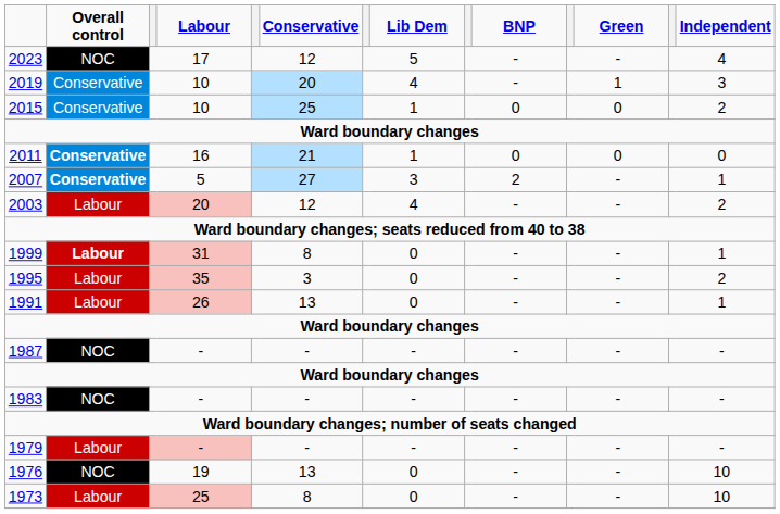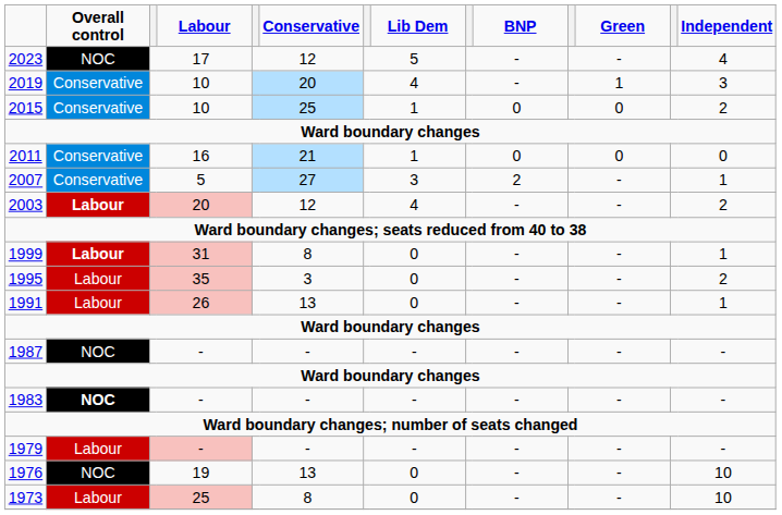 <table class="wikitable" style="text-align:center; font-size: 95%">
 <tr>
 <td width=32></td>
 <td width=95><strong>Overall control</strong></td>
 <th style="background-color: "></th>
 <td width=87 align="center"><strong><a href='#'>Labour</a></strong></td>
 <th style="background-color: "></th>
 <td width=87 align="center"><strong><a href='#'>Conservative</a></strong></td>
 <th style="background-color: "></th>
 <td width=87 align="center"><strong><a href='#'>Lib Dem</a></strong></td>
 <th style="background-color: "></th>
 <td width=87 align="center"><strong><a href='#'>BNP</a></strong></td>
 <th style="background-color: "></th>
 <td width=87 align="center"><strong><a href='#'>Green</a></strong></td>
 <th style="background-color: "></th>
 <td width=87 align="center"><strong><a href='#'>Independent</a></strong></td>
 </tr>
 <tr>
 <td><a href='#'>2023</a></td>
 <td style="background:#000000; color:white">NOC</td>
 <td colspan=2 align="center">17</td>
 <td colspan=2 align="center">12</td>
 <td colspan=2 align="center">5</td>
 <td colspan=2 align="center">-</td>
 <td colspan=2 align="center">-</td>
 <td colspan=2 align="center">4</td>
 </tr>
 <tr>
 <td><a href='#'>2019</a></td>
 <td style="background:#0087DC; color:white">Conservative</td>
 <td colspan=2 align="center">10</td>
 <td colspan=2 align="center" style="background:#B3E0FF">20</td>
 <td colspan=2 align="center">4</td>
 <td colspan=2 align="center">-</td>
 <td colspan=2 align="center">1</td>
 <td colspan=2 align="center">3</td>
 </tr>
 <tr>
 <td><a href='#'>2015</a></td>
 <td style="background:#0087DC; color:white">Conservative</td>
 <td colspan=2 align="center">10</td>
 <td colspan=2 align="center" style="background:#B3E0FF">25</td>
 <td colspan=2 align="center">1</td>
 <td colspan=2 align="center">0</td>
 <td colspan=2 align="center">0</td>
 <td colspan=2 align="center">2</td>
 </tr>
 <tr>
 <td colspan="14" align="center"><strong>Ward boundary changes</strong></td>
 </tr>
 <tr>
 <td><a href='#'>2011</a></td>
-<td style="background:#0087DC; color:white"><strong>Conservative</strong></td>
+<td style="background:#0087DC; color:white">Conservative</td>
 <td colspan=2 align="center">16</td>
 <td colspan=2 align="center" style="background:#B3E0FF">21</td>
 <td colspan=2 align="center">1</td>
 <td colspan=2 align="center">0</td>
 <td colspan=2 align="center">0</td>
 <td colspan=2 align="center">0</td>
 </tr>
 <tr>
 <td><a href='#'>2007</a></td>
-<td style="background:#0087DC; color:white"><strong>Conservative</strong></td>
+<td style="background:#0087DC; color:white">Conservative</td>
 <td colspan=2 align="center">5</td>
 <td colspan=2 align="center" style="background:#B3E0FF">27</td>
 <td colspan=2 align="center">3</td>
 <td colspan=2 align="center">2</td>
 <td colspan=2 align="center">-</td>
 <td colspan=2 align="center">1</td>
 </tr>
 <tr>
 <td><a href='#'>2003</a></td>
-<td style="background:#cc0000; color:white">Labour</td>
+<td style="background:#cc0000; color:white"><strong>Labour</strong></td>
 <td colspan=2 align="center" style="background:#F8C1BE">20</td>
 <td colspan=2 align="center">12</td>
 <td colspan=2 align="center">4</td>
 <td colspan=2 align="center">-</td>
 <td colspan=2 align="center">-</td>
 <td colspan=2 align="center">2</td>
 </tr>
 <tr>
 <td colspan="14" align="center"><strong>Ward boundary changes; seats reduced from 40 to 38</strong></td>
 </tr>
 <tr>
 <td><a href='#'>1999</a></td>
 <td style="background:#cc0000; color:white"><strong>Labour</strong></td>
 <td colspan=2 align="center" style="background:#F8C1BE">31</td>
 <td colspan=2 align="center">8</td>
 <td colspan=2 align="center">0</td>
 <td colspan=2 align="center">-</td>
 <td colspan=2 align="center">-</td>
 <td colspan=2 align="center">1</td>
 </tr>
 <tr>
 <td><a href='#'>1995</a></td>
 <td style="background:#cc0000; color:white">Labour</td>
 <td colspan=2 align="center" style="background:#F8C1BE">35</td>
 <td colspan=2 align="center">3</td>
 <td colspan=2 align="center">0</td>
 <td colspan=2 align="center">-</td>
 <td colspan=2 align="center">-</td>
 <td colspan=2 align="center">2</td>
 </tr>
 <tr>
 <td><a href='#'>1991</a></td>
 <td style="background:#cc0000; color:white">Labour</td>
 <td colspan=2 align="center" style="background:#F8C1BE">26</td>
 <td colspan=2 align="center">13</td>
 <td colspan=2 align="center">0</td>
 <td colspan=2 align="center">-</td>
 <td colspan=2 align="center">-</td>
 <td colspan=2 align="center">1</td>
 </tr>
 <tr>
 <td colspan="14" align="center"><strong>Ward boundary changes</strong></td>
 </tr>
 <tr>
 <td><a href='#'>1987</a></td>
 <td style="background:#000000; color:white">NOC</td>
 <td colspan=2 align="center">-</td>
 <td colspan=2 align="center">-</td>
 <td colspan=2 align="center">-</td>
 <td colspan=2 align="center">-</td>
 <td colspan=2 align="center">-</td>
 <td colspan=2 align="center">-</td>
 </tr>
 <tr>
 <td colspan="14" align="center"><strong>Ward boundary changes</strong></td>
 </tr>
 <tr>
 <td><a href='#'>1983</a></td>
-<td style="background:#000000; color:white">NOC</td>
+<td style="background:#000000; color:white"><strong>NOC</strong></td>
 <td colspan=2 align="center">-</td>
 <td colspan=2 align="center">-</td>
 <td colspan=2 align="center">-</td>
 <td colspan=2 align="center">-</td>
 <td colspan=2 align="center">-</td>
 <td colspan=2 align="center">-</td>
 </tr>
 <tr>
 <td colspan="14" align="center"><strong>Ward boundary changes; number of seats changed</strong></td>
 </tr>
 <tr>
 <td><a href='#'>1979</a></td>
 <td style="background:#cc0000; color:white">Labour</td>
 <td colspan=2 align="center" style="background:#F8C1BE">-</td>
 <td colspan=2 align="center">-</td>
 <td colspan=2 align="center">-</td>
 <td colspan=2 align="center">-</td>
 <td colspan=2 align="center">-</td>
 <td colspan=2 align="center">-</td>
 </tr>
 <tr>
 <td><a href='#'>1976</a></td>
 <td style="background:#000000; color:white">NOC</td>
 <td colspan=2 align="center">19</td>
 <td colspan=2 align="center">13</td>
 <td colspan=2 align="center">0</td>
 <td colspan=2 align="center">-</td>
 <td colspan=2 align="center">-</td>
 <td colspan=2 align="center">10</td>
 </tr>
 <tr>
 <td><a href='#'>1973</a></td>
 <td style="background:#cc0000; color:white">Labour</td>
 <td colspan=2 align="center" style="background:#F8C1BE">25</td>
 <td colspan=2 align="center">8</td>
 <td colspan=2 align="center">0</td>
 <td colspan=2 align="center">-</td>
 <td colspan=2 align="center">-</td>
 <td colspan=2 align="center">10</td>
 </tr>
 <tr>
 </tr>
 </table>
